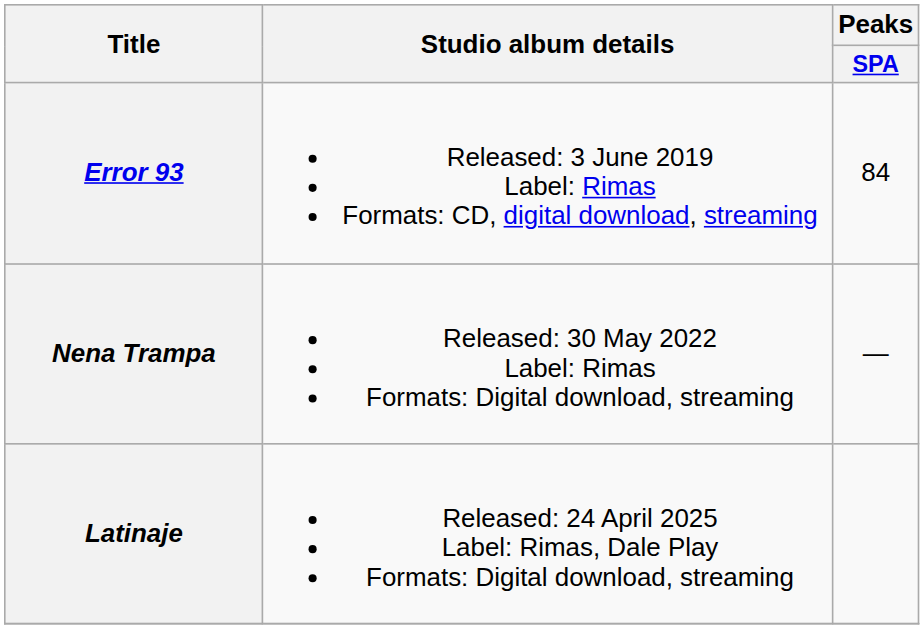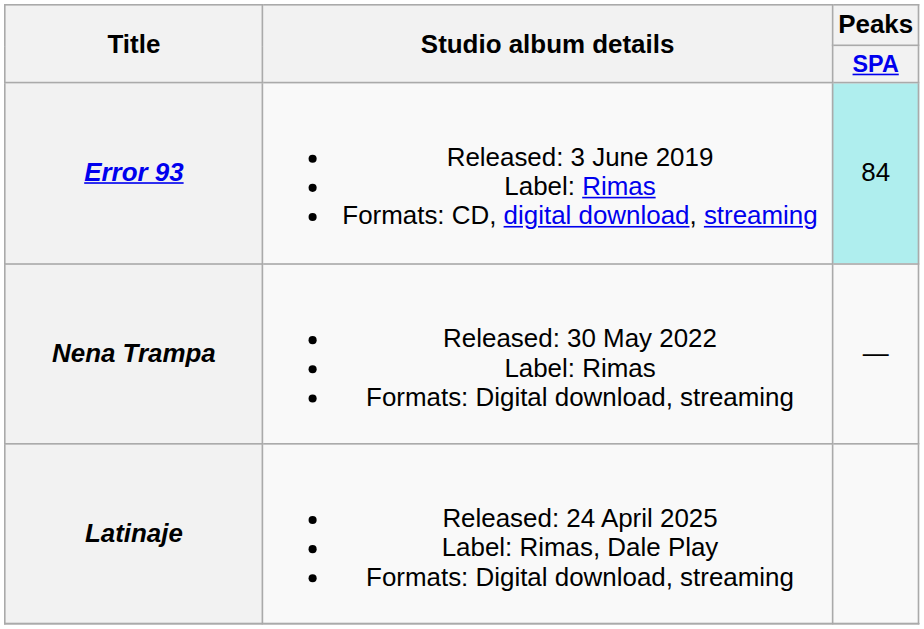 <table class="wikitable plainrowheaders" style="text-align:center;">
 <tr>
 <th scope="col" rowspan="2" style="width:9.5em;">Title</th>
 <th scope="col" rowspan="2" style="width:21.5em;">Studio album details</th>
 <th scope="col" colspan="1">Peaks</th>
 </tr>
 <tr>
 <th scope="col" style="width:3em;font-size:90%;"><a href='#'>SPA</a><br></th>
 </tr>
 <tr>
 <th scope="row"><em><a href='#'>Error 93</a></em></th>
 <td><br><ul><li>Released: 3 June 2019</li><li>Label: <a href='#'>Rimas</a></li><li>Formats: CD, <a href='#'>digital download</a>, <a href='#'>streaming</a></li></ul></td>
-<td>84</td>
+<td style="background: paleturquoise;">84</td>
 </tr>
 <tr>
 <th scope="row"><em>Nena Trampa</em></th>
 <td><br><ul><li>Released: 30 May 2022</li><li>Label: Rimas</li><li>Formats: Digital download, streaming</li></ul></td>
 <td>—</td>
 </tr>
 <tr>
 <th scope="row"><em>Latinaje</em></th>
 <td><br><ul><li>Released: 24 April 2025</li><li>Label: Rimas, Dale Play</li><li>Formats: Digital download, streaming</li></ul></td>
 <td></td>
 </tr>
 <tr>
 </tr>
 </table>
